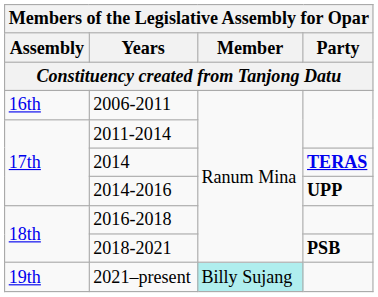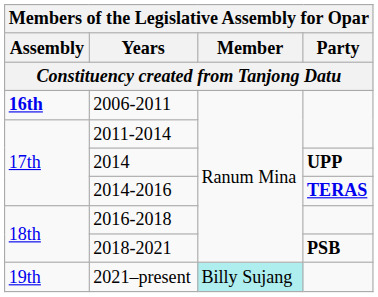 <table class=wikitable>
 <tr>
 <th colspan=4>Members of the Legislative Assembly for Opar</th>
 </tr>
 <tr>
 <th>Assembly</th>
 <th>Years</th>
 <th>Member</th>
 <th>Party</th>
 </tr>
 <tr>
 <th colspan=4 align=center><em>Constituency created from Tanjong Datu</em></th>
 </tr>
 <tr>
-<td><a href='#'>16th</a></td>
+<td><strong><a href='#'>16th</a></strong></td>
 <td>2006-2011</td>
 <td rowspan=6>Ranum Mina</td>
 <td rowspan=2></td>
 </tr>
 <tr>
 <td rowspan=3><a href='#'>17th</a></td>
 <td>2011-2014</td>
 </tr>
 <tr>
 <td>2014</td>
-<td><strong><a href='#'>TERAS</a></strong></td>
+<td><strong>UPP</strong></td>
 </tr>
 <tr>
 <td>2014-2016</td>
-<td><strong>UPP</strong></td>
+<td><strong><a href='#'>TERAS</a></strong></td>
 </tr>
 <tr>
 <td rowspan=2><a href='#'>18th</a></td>
 <td>2016-2018</td>
 <td></td>
 </tr>
 <tr>
 <td>2018-2021</td>
 <td><strong>PSB</strong></td>
 </tr>
 <tr>
 <td><a href='#'>19th</a></td>
 <td>2021–present</td>
 <td style="background: paleturquoise;">Billy Sujang</td>
 <td></td>
 </tr>
 </table>
